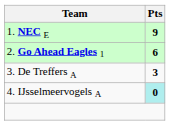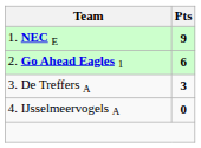 <table class="wikitable" style="text-align:center; float:left; margin-right:1em;">
 <tr>
 <th style="width:200px">Team</th>
 <th width=20>Pts</th>
 </tr>
 <tr bgcolor=ccffcc>
 <td align=left>1. <strong><a href='#'>NEC</a></strong> <sub>E</sub></td>
 <td><strong>9</strong></td>
 </tr>
 <tr bgcolor=ccffcc>
 <td align=left>2. <strong><a href='#'>Go Ahead Eagles</a></strong> <sub>1</sub></td>
 <td><strong>6</strong></td>
 </tr>
 <tr>
 <td align=left>3. De Treffers <sub>A</sub></td>
 <td><strong>3</strong></td>
 </tr>
 <tr>
 <td align=left>4. IJsselmeervogels <sub>A</sub></td>
-<td style="background: paleturquoise;"><strong>0</strong></td>
+<td><strong>0</strong></td>
 </tr>
 <tr>
 <td colspan=2> </td>
 </tr>
 </table>
